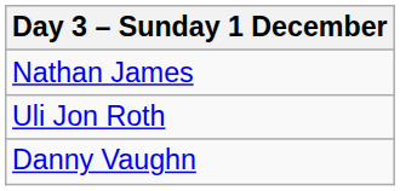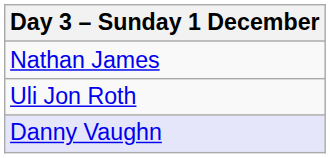 <table class="wikitable">
 <tr>
 <th>Day 3 – Sunday 1 December</th>
 </tr>
 <tr>
 <td><a href='#'>Nathan James</a></td>
 </tr>
 <tr>
 <td><a href='#'>Uli Jon Roth</a></td>
 </tr>
 <tr>
-<td><a href='#'>Danny Vaughn</a></td>
+<td style="background: lavender;"><a href='#'>Danny Vaughn</a></td>
 </tr>
 </table>
